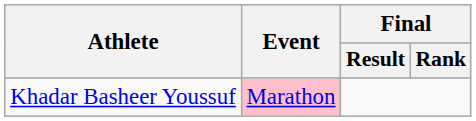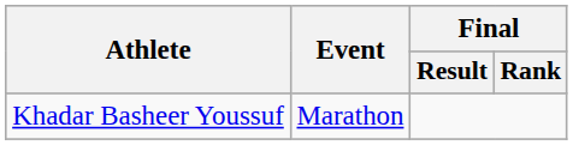 <table class="wikitable" style="font-size:90%">
 <tr>
 <th rowspan="2">Athlete</th>
 <th rowspan="2">Event</th>
 <th colspan="2">Final</th>
 </tr>
 <tr style="font-size:95%">
 <th>Result</th>
 <th>Rank</th>
 </tr>
 <tr align=center>
 <td align=left><a href='#'>Khadar Basheer Youssuf</a></td>
-<td align=left style="background: pink;"><a href='#'>Marathon</a></td>
+<td align=left><a href='#'>Marathon</a></td>
 <td colspan=2></td>
 </tr>
 </table>
